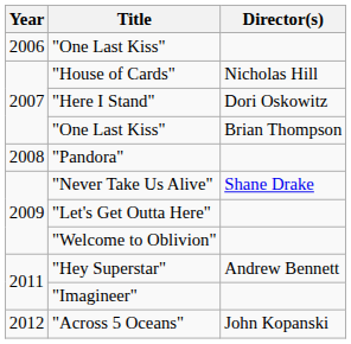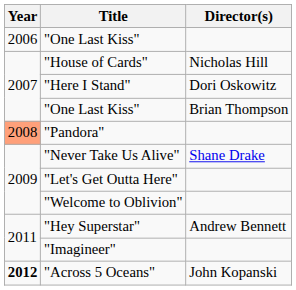 <table class="wikitable">
 <tr>
 <th scope="col">Year</th>
 <th scope="col">Title</th>
 <th scope="col">Director(s)</th>
 </tr>
 <tr>
 <td>2006</td>
 <td>"One Last Kiss"</td>
 <td></td>
 </tr>
 <tr>
 <td rowspan="3">2007</td>
 <td>"House of Cards"</td>
 <td>Nicholas Hill</td>
 </tr>
 <tr>
 <td>"Here I Stand"</td>
 <td>Dori Oskowitz</td>
 </tr>
 <tr>
 <td>"One Last Kiss"</td>
 <td>Brian Thompson</td>
 </tr>
 <tr>
-<td>2008</td>
+<td style="background: lightsalmon;">2008</td>
 <td>"Pandora"</td>
 <td></td>
 </tr>
 <tr>
 <td rowspan="3">2009</td>
 <td>"Never Take Us Alive"</td>
 <td><a href='#'>Shane Drake</a></td>
 </tr>
 <tr>
 <td>"Let's Get Outta Here"</td>
 <td></td>
 </tr>
 <tr>
 <td>"Welcome to Oblivion"</td>
 <td></td>
 </tr>
 <tr>
 <td rowspan="2">2011</td>
 <td>"Hey Superstar"</td>
 <td>Andrew Bennett</td>
 </tr>
 <tr>
 <td>"Imagineer"</td>
 <td></td>
 </tr>
 <tr>
-<td>2012</td>
+<td><strong>2012</strong></td>
 <td>"Across 5 Oceans"</td>
 <td>John Kopanski</td>
 </tr>
 </table>
